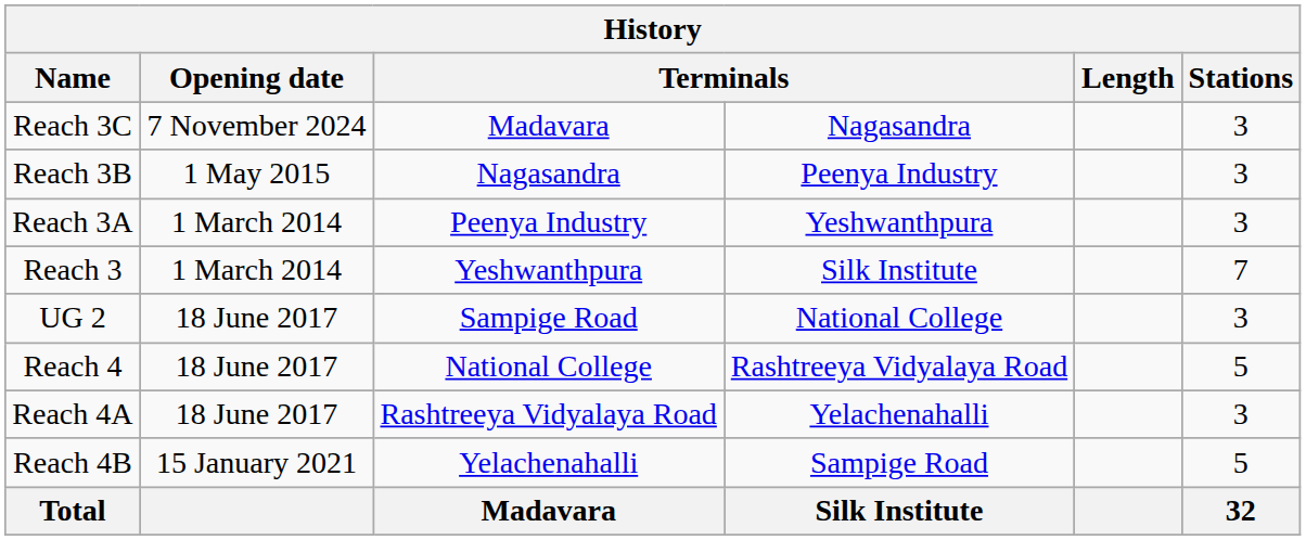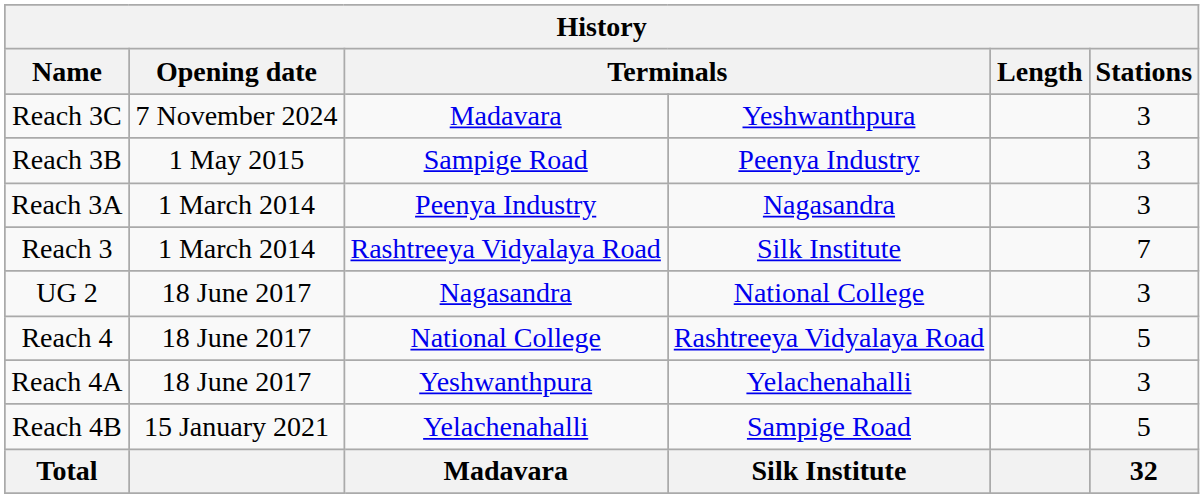 <table class="wikitable" style="text-align: center;">
 <tr>
 <th colspan="6" style="background:#"><span><strong>History</strong></span></th>
 </tr>
 <tr>
 <th>Name</th>
 <th>Opening date</th>
 <th colspan="2">Terminals</th>
 <th>Length</th>
 <th>Stations</th>
 </tr>
 <tr>
 <td>Reach 3C</td>
 <td>7 November 2024 </td>
 <td><a href='#'>Madavara</a></td>
-<td><a href='#'>Nagasandra</a></td>
+<td><a href='#'>Yeshwanthpura</a></td>
 <td></td>
 <td>3</td>
 </tr>
 <tr>
 <td>Reach 3B</td>
 <td>1 May 2015</td>
-<td><a href='#'>Nagasandra</a></td>
+<td><a href='#'>Sampige Road</a></td>
 <td><a href='#'>Peenya Industry</a></td>
 <td></td>
 <td>3</td>
 </tr>
 <tr>
 <td>Reach 3A</td>
 <td>1 March 2014</td>
 <td><a href='#'>Peenya Industry</a></td>
-<td><a href='#'>Yeshwanthpura</a></td>
+<td><a href='#'>Nagasandra</a></td>
 <td></td>
 <td>3</td>
 </tr>
 <tr>
 <td>Reach 3</td>
 <td>1 March 2014</td>
-<td><a href='#'>Yeshwanthpura</a></td>
+<td><a href='#'>Rashtreeya Vidyalaya Road</a></td>
 <td><a href='#'>Silk Institute</a></td>
 <td></td>
 <td>7</td>
 </tr>
 <tr>
 <td>UG 2</td>
 <td>18 June 2017</td>
-<td><a href='#'>Sampige Road</a></td>
+<td><a href='#'>Nagasandra</a></td>
 <td><a href='#'>National College</a></td>
 <td></td>
 <td>3</td>
 </tr>
 <tr>
 <td>Reach 4</td>
 <td>18 June 2017</td>
 <td><a href='#'>National College</a></td>
 <td><a href='#'>Rashtreeya Vidyalaya Road</a></td>
 <td></td>
 <td>5</td>
 </tr>
 <tr>
 <td>Reach 4A</td>
 <td>18 June 2017</td>
-<td><a href='#'>Rashtreeya Vidyalaya Road</a></td>
+<td><a href='#'>Yeshwanthpura</a></td>
 <td><a href='#'>Yelachenahalli</a></td>
 <td></td>
 <td>3</td>
 </tr>
 <tr>
 <td>Reach 4B</td>
 <td>15 January 2021</td>
 <td><a href='#'>Yelachenahalli</a></td>
 <td><a href='#'>Sampige Road</a></td>
 <td></td>
 <td>5</td>
 </tr>
 <tr>
 <th>Total</th>
 <th></th>
 <th>Madavara</th>
 <th>Silk Institute</th>
 <th></th>
 <th>32</th>
 </tr>
 </table>
